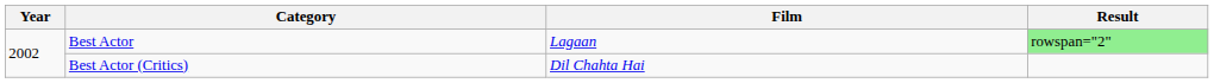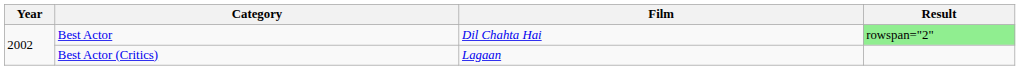 <table class="wikitable" style="width:100%;">
 <tr>
 <th width="5%">Year</th>
 <th style="width:40%;">Category</th>
 <th style="width:40%;">Film</th>
 <th style="width:15%;">Result</th>
 </tr>
 <tr>
 <td rowspan="2">2002</td>
 <td><a href='#'>Best Actor</a></td>
-<td><em><a href='#'>Lagaan</a></em></td>
+<td><em><a href='#'>Dil Chahta Hai</a></em></td>
 <td style="background: lightgreen;">rowspan="2" </td>
 </tr>
 <tr>
 <td><a href='#'>Best Actor (Critics)</a></td>
-<td><em><a href='#'>Dil Chahta Hai</a></em></td>
+<td><em><a href='#'>Lagaan</a></em></td>
 </tr>
 </table>
